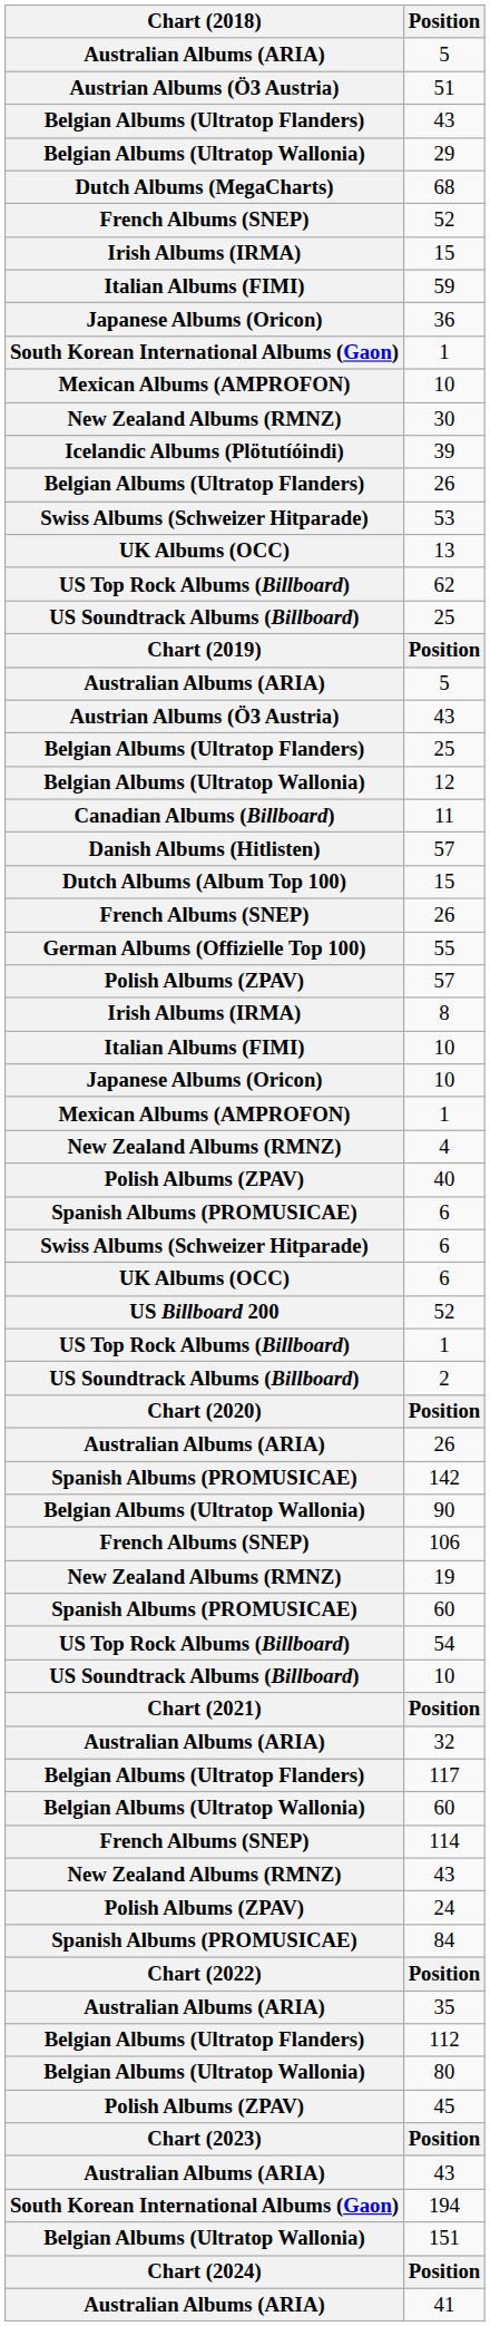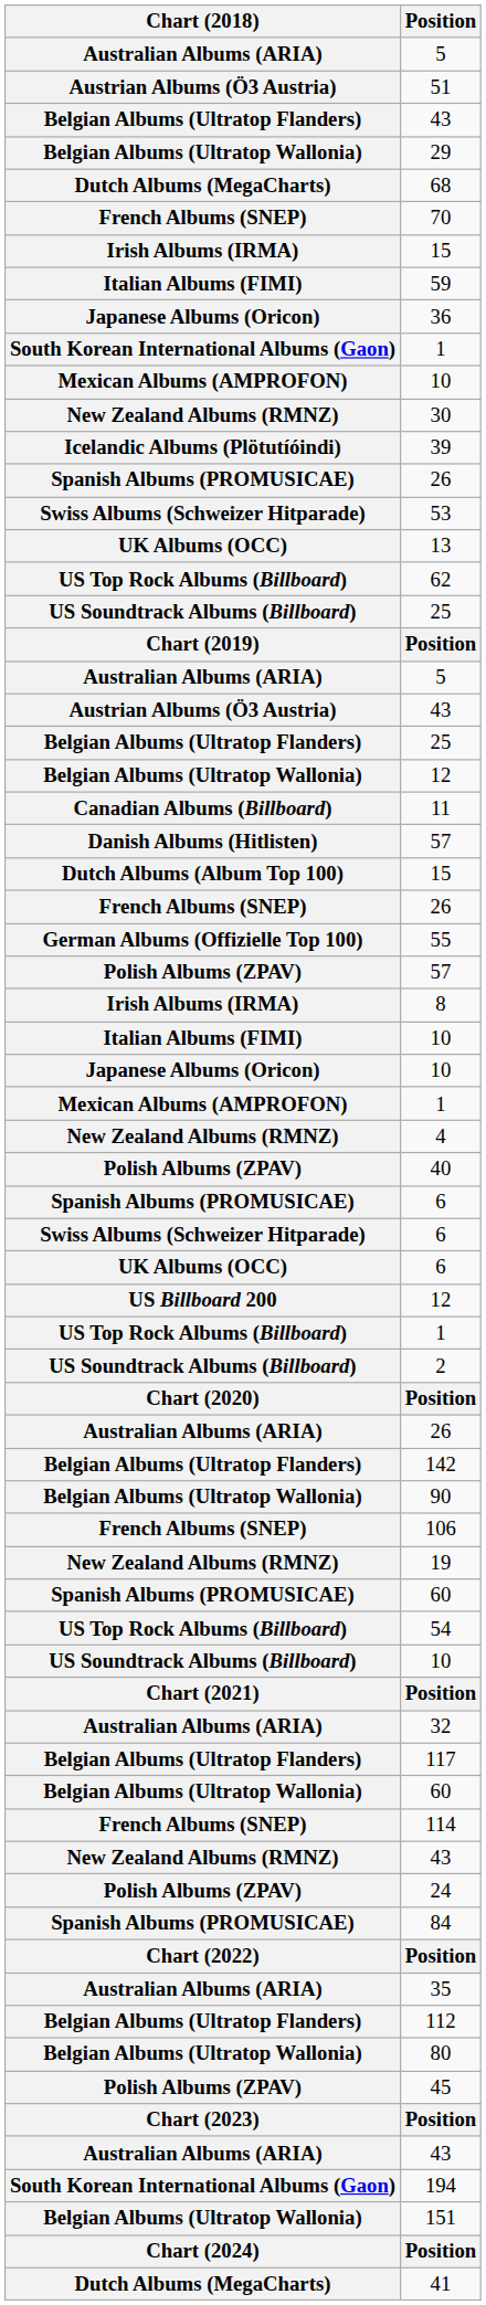 <table class="wikitable sortable plainrowheaders" style="text-align:center">
 <tr>
 <th scope="col">Chart (2018)</th>
 <th scope="col">Position</th>
 </tr>
 <tr>
 <th scope="row">Australian Albums (ARIA)</th>
 <td>5</td>
 </tr>
 <tr>
 <th scope="row">Austrian Albums (Ö3 Austria)</th>
 <td>51</td>
 </tr>
 <tr>
 <th scope="row">Belgian Albums (Ultratop Flanders)</th>
 <td>43</td>
 </tr>
 <tr>
 <th scope="row">Belgian Albums (Ultratop Wallonia)</th>
 <td>29</td>
 </tr>
 <tr>
 <th scope="row">Dutch Albums (MegaCharts)</th>
 <td>68</td>
 </tr>
 <tr>
 <th scope="row">French Albums (SNEP)</th>
-<td>52</td>
+<td>70</td>
 </tr>
 <tr>
 <th scope="row">Irish Albums (IRMA)</th>
 <td>15</td>
 </tr>
 <tr>
 <th scope="row">Italian Albums (FIMI)</th>
 <td>59</td>
 </tr>
 <tr>
 <th scope="row">Japanese Albums (Oricon)</th>
 <td>36</td>
 </tr>
 <tr>
 <th scope="row">South Korean International Albums (<a href='#'>Gaon</a>)</th>
 <td>1</td>
 </tr>
 <tr>
 <th scope="row">Mexican Albums (AMPROFON)</th>
 <td>10</td>
 </tr>
 <tr>
 <th scope="row">New Zealand Albums (RMNZ)</th>
 <td>30</td>
 </tr>
 <tr>
 <th scope="row">Icelandic Albums (Plötutíóindi)</th>
 <td>39</td>
 </tr>
 <tr>
-<th scope="row">Belgian Albums (Ultratop Flanders)</th>
+<th scope="row">Spanish Albums (PROMUSICAE)</th>
 <td>26</td>
 </tr>
 <tr>
 <th scope="row">Swiss Albums (Schweizer Hitparade)</th>
 <td>53</td>
 </tr>
 <tr>
 <th scope="row">UK Albums (OCC)</th>
 <td>13</td>
 </tr>
 <tr>
 <th scope="row">US Top Rock Albums (<em>Billboard</em>)</th>
 <td>62</td>
 </tr>
 <tr>
 <th scope="row">US Soundtrack Albums (<em>Billboard</em>)</th>
 <td>25</td>
 </tr>
 <tr>
 <th scope="col">Chart (2019)</th>
 <th scope="col">Position</th>
 </tr>
 <tr>
 <th scope="row">Australian Albums (ARIA)</th>
 <td>5</td>
 </tr>
 <tr>
 <th scope="row">Austrian Albums (Ö3 Austria)</th>
 <td>43</td>
 </tr>
 <tr>
 <th scope="row">Belgian Albums (Ultratop Flanders)</th>
 <td>25</td>
 </tr>
 <tr>
 <th scope="row">Belgian Albums (Ultratop Wallonia)</th>
 <td>12</td>
 </tr>
 <tr>
 <th scope="row">Canadian Albums (<em>Billboard</em>)</th>
 <td>11</td>
 </tr>
 <tr>
 <th scope="row">Danish Albums (Hitlisten)</th>
 <td>57</td>
 </tr>
 <tr>
 <th scope="row">Dutch Albums (Album Top 100)</th>
 <td>15</td>
 </tr>
 <tr>
 <th scope="row">French Albums (SNEP)</th>
 <td>26</td>
 </tr>
 <tr>
 <th scope="row">German Albums (Offizielle Top 100)</th>
 <td>55</td>
 </tr>
 <tr>
 <th scope="row">Polish Albums (ZPAV)</th>
 <td>57</td>
 </tr>
 <tr>
 <th scope="row">Irish Albums (IRMA)</th>
 <td>8</td>
 </tr>
 <tr>
 <th scope="row">Italian Albums (FIMI)</th>
 <td>10</td>
 </tr>
 <tr>
 <th scope="row">Japanese Albums (Oricon)</th>
 <td>10</td>
 </tr>
 <tr>
 <th scope="row">Mexican Albums (AMPROFON)</th>
 <td>1</td>
 </tr>
 <tr>
 <th scope="row">New Zealand Albums (RMNZ)</th>
 <td>4</td>
 </tr>
 <tr>
 <th scope="row">Polish Albums (ZPAV)</th>
 <td>40</td>
 </tr>
 <tr>
 <th scope="row">Spanish Albums (PROMUSICAE)</th>
 <td>6</td>
 </tr>
 <tr>
 <th scope="row">Swiss Albums (Schweizer Hitparade)</th>
 <td>6</td>
 </tr>
 <tr>
 <th scope="row">UK Albums (OCC)</th>
 <td>6</td>
 </tr>
 <tr>
 <th scope="row">US <em>Billboard</em> 200</th>
-<td>52</td>
+<td>12</td>
 </tr>
 <tr>
 <th scope="row">US Top Rock Albums (<em>Billboard</em>)</th>
 <td>1</td>
 </tr>
 <tr>
 <th scope="row">US Soundtrack Albums (<em>Billboard</em>)</th>
 <td>2</td>
 </tr>
 <tr>
 <th scope="col">Chart (2020)</th>
 <th scope="col">Position</th>
 </tr>
 <tr>
 <th scope="row">Australian Albums (ARIA)</th>
 <td>26</td>
 </tr>
 <tr>
-<th scope="row">Spanish Albums (PROMUSICAE)</th>
+<th scope="row">Belgian Albums (Ultratop Flanders)</th>
 <td>142</td>
 </tr>
 <tr>
 <th scope="row">Belgian Albums (Ultratop Wallonia)</th>
 <td>90</td>
 </tr>
 <tr>
 <th scope="row">French Albums (SNEP)</th>
 <td>106</td>
 </tr>
 <tr>
 <th scope="row">New Zealand Albums (RMNZ)</th>
 <td>19</td>
 </tr>
 <tr>
 <th scope="row">Spanish Albums (PROMUSICAE)</th>
 <td>60</td>
 </tr>
 <tr>
 <th scope="row">US Top Rock Albums (<em>Billboard</em>)</th>
 <td>54</td>
 </tr>
 <tr>
 <th scope="row">US Soundtrack Albums (<em>Billboard</em>)</th>
 <td>10</td>
 </tr>
 <tr>
 <th scope="col">Chart (2021)</th>
 <th scope="col">Position</th>
 </tr>
 <tr>
 <th scope="row">Australian Albums (ARIA)</th>
 <td>32</td>
 </tr>
 <tr>
 <th scope="row">Belgian Albums (Ultratop Flanders)</th>
 <td>117</td>
 </tr>
 <tr>
 <th scope="row">Belgian Albums (Ultratop Wallonia)</th>
 <td>60</td>
 </tr>
 <tr>
 <th scope="row">French Albums (SNEP)</th>
 <td>114</td>
 </tr>
 <tr>
 <th scope="row">New Zealand Albums (RMNZ)</th>
 <td>43</td>
 </tr>
 <tr>
 <th scope="row">Polish Albums (ZPAV)</th>
 <td>24</td>
 </tr>
 <tr>
 <th scope="row">Spanish Albums (PROMUSICAE)</th>
 <td>84</td>
 </tr>
 <tr>
 <th scope="col">Chart (2022)</th>
 <th scope="col">Position</th>
 </tr>
 <tr>
 <th scope="row">Australian Albums (ARIA)</th>
 <td>35</td>
 </tr>
 <tr>
 <th scope="row">Belgian Albums (Ultratop Flanders)</th>
 <td>112</td>
 </tr>
 <tr>
 <th scope="row">Belgian Albums (Ultratop Wallonia)</th>
 <td>80</td>
 </tr>
 <tr>
 <th scope="row">Polish Albums (ZPAV)</th>
 <td>45</td>
 </tr>
 <tr>
 <th scope="col">Chart (2023)</th>
 <th scope="col">Position</th>
 </tr>
 <tr>
 <th scope="row">Australian Albums (ARIA)</th>
 <td>43</td>
 </tr>
 <tr>
 <th scope="row">South Korean International Albums (<a href='#'>Gaon</a>)</th>
 <td>194</td>
 </tr>
 <tr>
 <th scope="row">Belgian Albums (Ultratop Wallonia)</th>
 <td>151</td>
 </tr>
 <tr>
 <th scope="col">Chart (2024)</th>
 <th scope="col">Position</th>
 </tr>
 <tr>
-<th scope="row">Australian Albums (ARIA)</th>
+<th scope="row">Dutch Albums (MegaCharts)</th>
 <td>41</td>
 </tr>
 </table>
